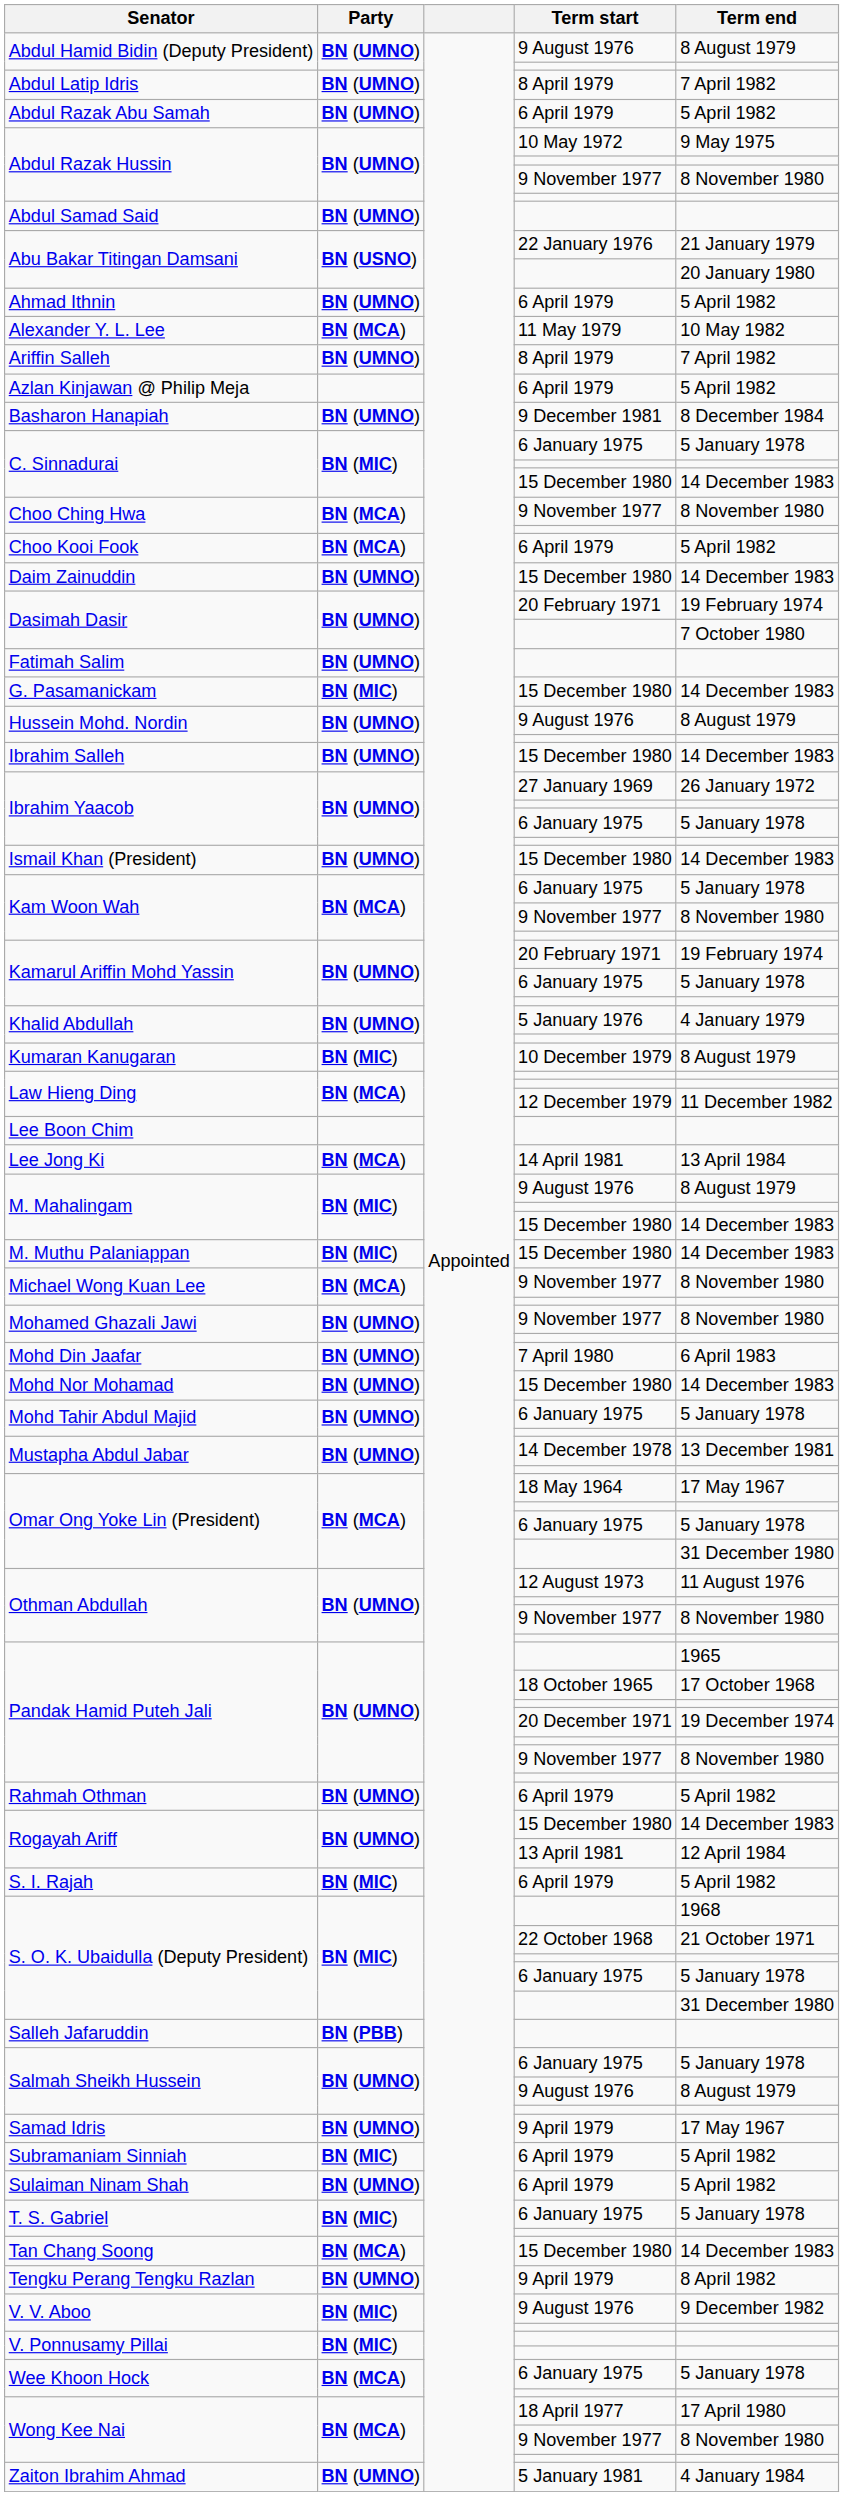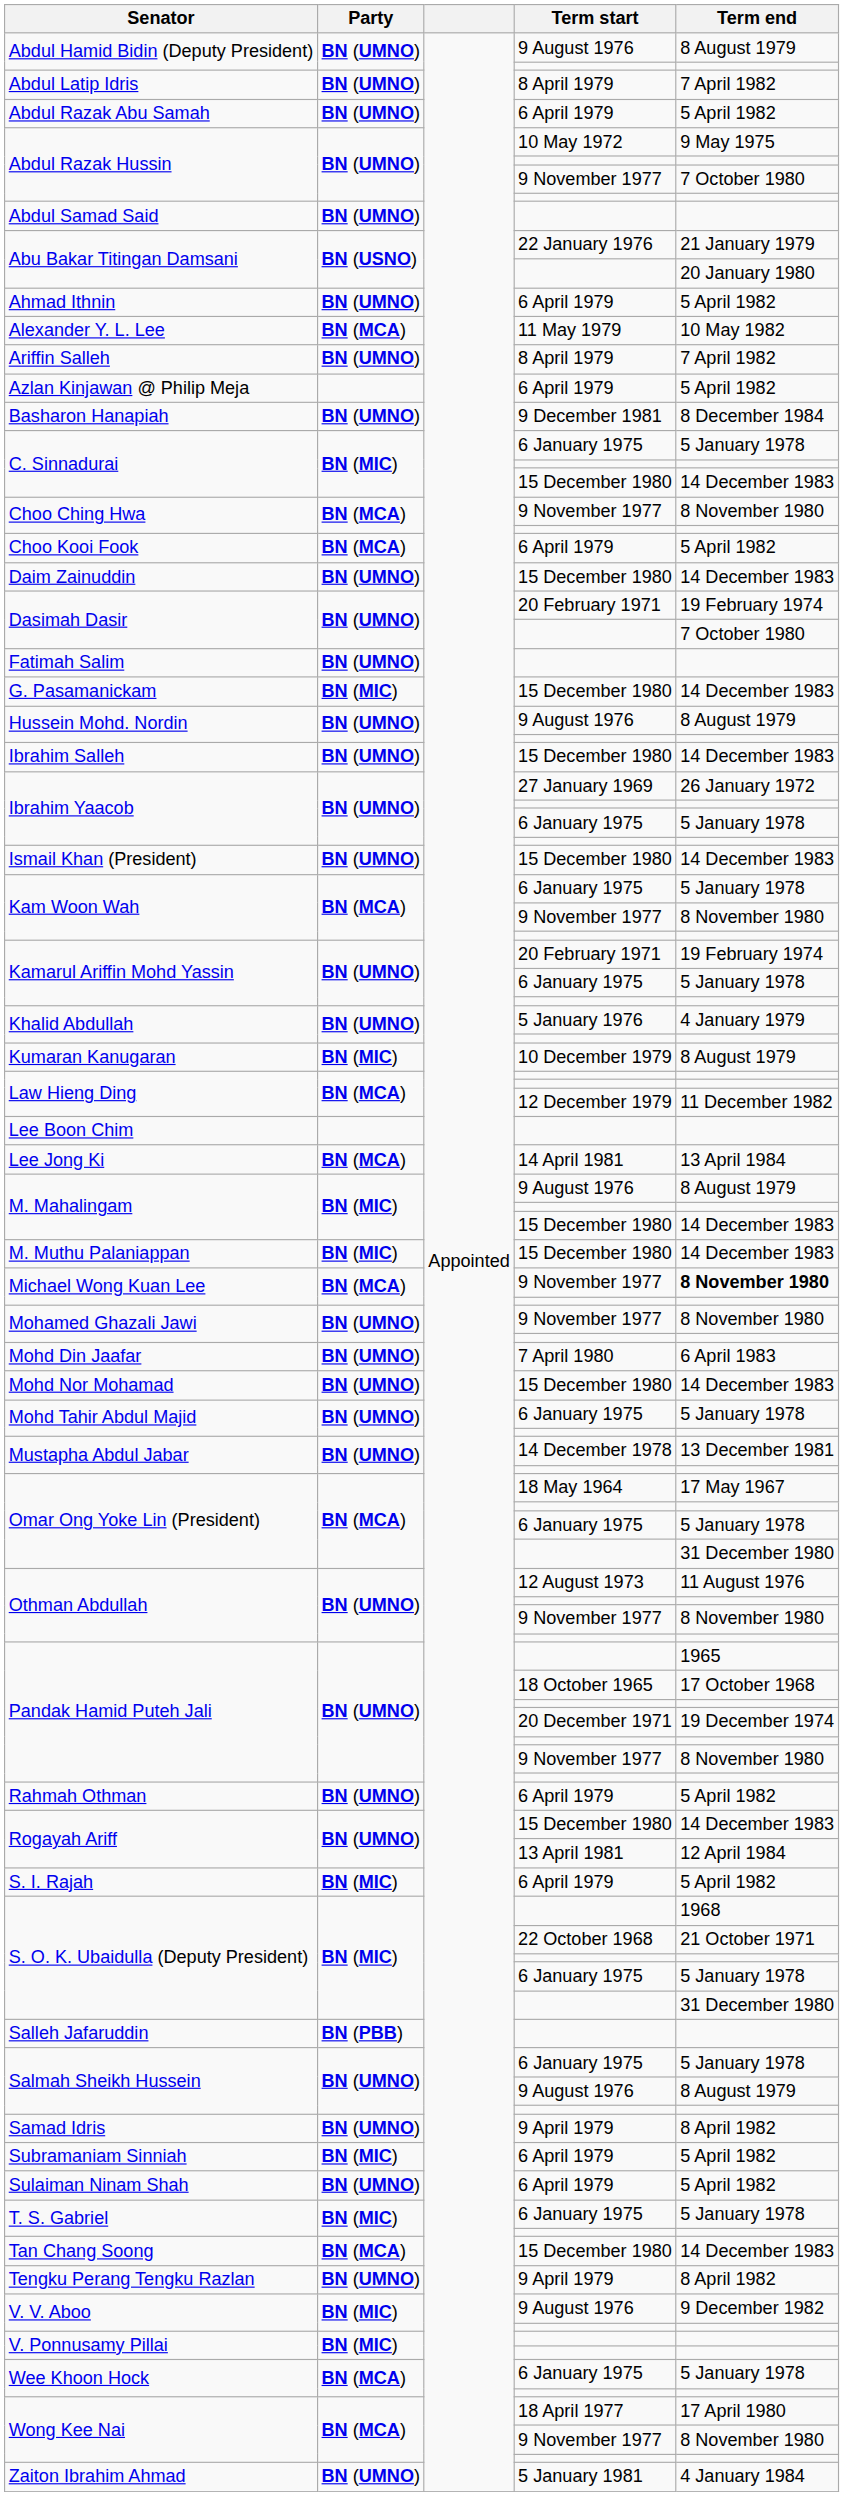 <table class="wikitable sortable">
 <tr>
 <th>Senator</th>
 <th>Party</th>
 <th></th>
 <th>Term start</th>
 <th>Term end</th>
 </tr>
 <tr>
 <td rowspan=2><a href='#'>Abdul Hamid Bidin</a> (Deputy President)</td>
 <td rowspan=2><strong><a href='#'>BN</a></strong> (<strong><a href='#'>UMNO</a></strong>)</td>
 <td rowspan=108>Appointed</td>
 <td>9 August 1976</td>
 <td>8 August 1979</td>
 </tr>
 <tr>
 <td></td>
 <td></td>
 </tr>
 <tr>
 <td><a href='#'>Abdul Latip Idris</a></td>
 <td><strong><a href='#'>BN</a></strong> (<strong><a href='#'>UMNO</a></strong>)</td>
 <td>8 April 1979</td>
 <td>7 April 1982</td>
 </tr>
 <tr>
 <td><a href='#'>Abdul Razak Abu Samah</a></td>
 <td><strong><a href='#'>BN</a></strong> (<strong><a href='#'>UMNO</a></strong>)</td>
 <td>6 April 1979</td>
 <td>5 April 1982</td>
 </tr>
 <tr>
 <td rowspan=4><a href='#'>Abdul Razak Hussin</a></td>
 <td rowspan=4><strong><a href='#'>BN</a></strong> (<strong><a href='#'>UMNO</a></strong>)</td>
 <td>10 May 1972</td>
 <td>9 May 1975</td>
 </tr>
 <tr>
 <td></td>
 <td></td>
 </tr>
 <tr>
 <td>9 November 1977</td>
-<td>8 November 1980</td>
+<td>7 October 1980</td>
 </tr>
 <tr>
 <td></td>
 <td></td>
 </tr>
 <tr>
 <td><a href='#'>Abdul Samad Said</a></td>
 <td><strong><a href='#'>BN</a></strong> (<strong><a href='#'>UMNO</a></strong>)</td>
 <td></td>
 <td></td>
 </tr>
 <tr>
 <td rowspan=2><a href='#'>Abu Bakar Titingan Damsani</a></td>
 <td rowspan=2><strong><a href='#'>BN</a></strong> (<strong><a href='#'>USNO</a></strong>)</td>
 <td>22 January 1976</td>
 <td>21 January 1979</td>
 </tr>
 <tr>
 <td></td>
 <td>20 January 1980</td>
 </tr>
 <tr>
 <td><a href='#'>Ahmad Ithnin</a></td>
 <td><strong><a href='#'>BN</a></strong> (<strong><a href='#'>UMNO</a></strong>)</td>
 <td>6 April 1979</td>
 <td>5 April 1982</td>
 </tr>
 <tr>
 <td><a href='#'>Alexander Y. L. Lee</a></td>
 <td><strong><a href='#'>BN</a></strong> (<strong><a href='#'>MCA</a></strong>)</td>
 <td>11 May 1979</td>
 <td>10 May 1982</td>
 </tr>
 <tr>
 <td><a href='#'>Ariffin Salleh</a></td>
 <td><strong><a href='#'>BN</a></strong> (<strong><a href='#'>UMNO</a></strong>)</td>
 <td>8 April 1979</td>
 <td>7 April 1982</td>
 </tr>
 <tr>
 <td><a href='#'>Azlan Kinjawan</a> @ Philip Meja</td>
 <td></td>
 <td>6 April 1979</td>
 <td>5 April 1982</td>
 </tr>
 <tr>
 <td><a href='#'>Basharon Hanapiah</a></td>
 <td><strong><a href='#'>BN</a></strong> (<strong><a href='#'>UMNO</a></strong>)</td>
 <td>9 December 1981</td>
 <td>8 December 1984</td>
 </tr>
 <tr>
 <td rowspan=3><a href='#'>C. Sinnadurai</a></td>
 <td rowspan=3><strong><a href='#'>BN</a></strong> (<strong><a href='#'>MIC</a></strong>)</td>
 <td>6 January 1975</td>
 <td>5 January 1978</td>
 </tr>
 <tr>
 <td></td>
 <td></td>
 </tr>
 <tr>
 <td>15 December 1980</td>
 <td>14 December 1983</td>
 </tr>
 <tr>
 <td rowspan=2><a href='#'>Choo Ching Hwa</a></td>
 <td rowspan=2><strong><a href='#'>BN</a></strong> (<strong><a href='#'>MCA</a></strong>)</td>
 <td>9 November 1977</td>
 <td>8 November 1980</td>
 </tr>
 <tr>
 <td></td>
 <td></td>
 </tr>
 <tr>
 <td><a href='#'>Choo Kooi Fook</a></td>
 <td><strong><a href='#'>BN</a></strong> (<strong><a href='#'>MCA</a></strong>)</td>
 <td>6 April 1979</td>
 <td>5 April 1982</td>
 </tr>
 <tr>
 <td><a href='#'>Daim Zainuddin</a></td>
 <td><strong><a href='#'>BN</a></strong> (<strong><a href='#'>UMNO</a></strong>)</td>
 <td>15 December 1980</td>
 <td>14 December 1983</td>
 </tr>
 <tr>
 <td rowspan=2><a href='#'>Dasimah Dasir</a></td>
 <td rowspan=2><strong><a href='#'>BN</a></strong> (<strong><a href='#'>UMNO</a></strong>)</td>
 <td>20 February 1971</td>
 <td>19 February 1974</td>
 </tr>
 <tr>
 <td></td>
 <td>7 October 1980</td>
 </tr>
 <tr>
 <td><a href='#'>Fatimah Salim</a></td>
 <td><strong><a href='#'>BN</a></strong> (<strong><a href='#'>UMNO</a></strong>)</td>
 <td></td>
 <td></td>
 </tr>
 <tr>
 <td><a href='#'>G. Pasamanickam</a></td>
 <td><strong><a href='#'>BN</a></strong> (<strong><a href='#'>MIC</a></strong>)</td>
 <td>15 December 1980</td>
 <td>14 December 1983</td>
 </tr>
 <tr>
 <td rowspan=2><a href='#'>Hussein Mohd. Nordin</a></td>
 <td rowspan=2><strong><a href='#'>BN</a></strong> (<strong><a href='#'>UMNO</a></strong>)</td>
 <td>9 August 1976</td>
 <td>8 August 1979</td>
 </tr>
 <tr>
 <td></td>
 <td></td>
 </tr>
 <tr>
 <td><a href='#'>Ibrahim Salleh</a></td>
 <td><strong><a href='#'>BN</a></strong> (<strong><a href='#'>UMNO</a></strong>)</td>
 <td>15 December 1980</td>
 <td>14 December 1983</td>
 </tr>
 <tr>
 <td rowspan=4><a href='#'>Ibrahim Yaacob</a></td>
 <td rowspan=4><strong><a href='#'>BN</a></strong> (<strong><a href='#'>UMNO</a></strong>)</td>
 <td>27 January 1969</td>
 <td>26 January 1972</td>
 </tr>
 <tr>
 <td></td>
 <td></td>
 </tr>
 <tr>
 <td>6 January 1975</td>
 <td>5 January 1978</td>
 </tr>
 <tr>
 <td></td>
 <td></td>
 </tr>
 <tr>
 <td><a href='#'>Ismail Khan</a> (President)</td>
 <td><strong><a href='#'>BN</a></strong> (<strong><a href='#'>UMNO</a></strong>)</td>
 <td>15 December 1980</td>
 <td>14 December 1983</td>
 </tr>
 <tr>
 <td rowspan=3><a href='#'>Kam Woon Wah</a></td>
 <td rowspan=3><strong><a href='#'>BN</a></strong> (<strong><a href='#'>MCA</a></strong>)</td>
 <td>6 January 1975</td>
 <td>5 January 1978</td>
 </tr>
 <tr>
 <td>9 November 1977</td>
 <td>8 November 1980</td>
 </tr>
 <tr>
 <td></td>
 <td></td>
 </tr>
 <tr>
 <td rowspan=3><a href='#'>Kamarul Ariffin Mohd Yassin</a></td>
 <td rowspan=3><strong><a href='#'>BN</a></strong> (<strong><a href='#'>UMNO</a></strong>)</td>
 <td>20 February 1971</td>
 <td>19 February 1974</td>
 </tr>
 <tr>
 <td>6 January 1975</td>
 <td>5 January 1978</td>
 </tr>
 <tr>
 <td></td>
 <td></td>
 </tr>
 <tr>
 <td rowspan=2><a href='#'>Khalid Abdullah</a></td>
 <td rowspan=2><strong><a href='#'>BN</a></strong> (<strong><a href='#'>UMNO</a></strong>)</td>
 <td>5 January 1976</td>
 <td>4 January 1979</td>
 </tr>
 <tr>
 <td></td>
 <td></td>
 </tr>
 <tr>
 <td><a href='#'>Kumaran Kanugaran</a></td>
 <td><strong><a href='#'>BN</a></strong> (<strong><a href='#'>MIC</a></strong>)</td>
 <td>10 December 1979</td>
 <td>8 August 1979</td>
 </tr>
 <tr>
 <td rowspan=3><a href='#'>Law Hieng Ding</a></td>
 <td rowspan=3><strong><a href='#'>BN</a></strong> (<strong><a href='#'>MCA</a></strong>)</td>
 <td></td>
 <td></td>
 </tr>
 <tr>
 <td></td>
 <td></td>
 </tr>
 <tr>
 <td>12 December 1979</td>
 <td>11 December 1982</td>
 </tr>
 <tr>
 <td><a href='#'>Lee Boon Chim</a></td>
 <td></td>
 <td></td>
 <td></td>
 </tr>
 <tr>
 <td><a href='#'>Lee Jong Ki</a></td>
 <td><strong><a href='#'>BN</a></strong> (<strong><a href='#'>MCA</a></strong>)</td>
 <td>14 April 1981</td>
 <td>13 April 1984</td>
 </tr>
 <tr>
 <td rowspan=3><a href='#'>M. Mahalingam</a></td>
 <td rowspan=3><strong><a href='#'>BN</a></strong> (<strong><a href='#'>MIC</a></strong>)</td>
 <td>9 August 1976</td>
 <td>8 August 1979</td>
 </tr>
 <tr>
 <td></td>
 <td></td>
 </tr>
 <tr>
 <td>15 December 1980</td>
 <td>14 December 1983</td>
 </tr>
 <tr>
 <td><a href='#'>M. Muthu Palaniappan</a></td>
 <td><strong><a href='#'>BN</a></strong> (<strong><a href='#'>MIC</a></strong>)</td>
 <td>15 December 1980</td>
 <td>14 December 1983</td>
 </tr>
 <tr>
 <td rowspan=2><a href='#'>Michael Wong Kuan Lee</a></td>
 <td rowspan=2><strong><a href='#'>BN</a></strong> (<strong><a href='#'>MCA</a></strong>)</td>
 <td>9 November 1977</td>
-<td>8 November 1980</td>
+<td><strong>8 November 1980</strong></td>
 </tr>
 <tr>
 <td></td>
 <td></td>
 </tr>
 <tr>
 <td rowspan=2><a href='#'>Mohamed Ghazali Jawi</a></td>
 <td rowspan=2><strong><a href='#'>BN</a></strong> (<strong><a href='#'>UMNO</a></strong>)</td>
 <td>9 November 1977</td>
 <td>8 November 1980</td>
 </tr>
 <tr>
 <td></td>
 <td></td>
 </tr>
 <tr>
 <td><a href='#'>Mohd Din Jaafar</a></td>
 <td><strong><a href='#'>BN</a></strong> (<strong><a href='#'>UMNO</a></strong>)</td>
 <td>7 April 1980</td>
 <td>6 April 1983</td>
 </tr>
 <tr>
 <td><a href='#'>Mohd Nor Mohamad</a></td>
 <td><strong><a href='#'>BN</a></strong> (<strong><a href='#'>UMNO</a></strong>)</td>
 <td>15 December 1980</td>
 <td>14 December 1983</td>
 </tr>
 <tr>
 <td rowspan=2><a href='#'>Mohd Tahir Abdul Majid</a></td>
 <td rowspan=2><strong><a href='#'>BN</a></strong> (<strong><a href='#'>UMNO</a></strong>)</td>
 <td>6 January 1975</td>
 <td>5 January 1978</td>
 </tr>
 <tr>
 <td></td>
 <td></td>
 </tr>
 <tr>
 <td rowspan=2><a href='#'>Mustapha Abdul Jabar</a></td>
 <td rowspan=2><strong><a href='#'>BN</a></strong> (<strong><a href='#'>UMNO</a></strong>)</td>
 <td>14 December 1978</td>
 <td>13 December 1981</td>
 </tr>
 <tr>
 <td></td>
 <td></td>
 </tr>
 <tr>
 <td rowspan=4><a href='#'>Omar Ong Yoke Lin</a> (President)</td>
 <td rowspan=4><strong><a href='#'>BN</a></strong> (<strong><a href='#'>MCA</a></strong>)</td>
 <td>18 May 1964</td>
 <td>17 May 1967</td>
 </tr>
 <tr>
 <td></td>
 <td></td>
 </tr>
 <tr>
 <td>6 January 1975</td>
 <td>5 January 1978</td>
 </tr>
 <tr>
 <td></td>
 <td>31 December 1980</td>
 </tr>
 <tr>
 <td rowspan=4><a href='#'>Othman Abdullah</a></td>
 <td rowspan=4><strong><a href='#'>BN</a></strong> (<strong><a href='#'>UMNO</a></strong>)</td>
 <td>12 August 1973</td>
 <td>11 August 1976</td>
 </tr>
 <tr>
 <td></td>
 <td></td>
 </tr>
 <tr>
 <td>9 November 1977</td>
 <td>8 November 1980</td>
 </tr>
 <tr>
 <td></td>
 <td></td>
 </tr>
 <tr>
 <td rowspan=7><a href='#'>Pandak Hamid Puteh Jali</a></td>
 <td rowspan=7><strong><a href='#'>BN</a></strong> (<strong><a href='#'>UMNO</a></strong>)</td>
 <td></td>
 <td>1965</td>
 </tr>
 <tr>
 <td>18 October 1965</td>
 <td>17 October 1968</td>
 </tr>
 <tr>
 <td></td>
 <td></td>
 </tr>
 <tr>
 <td>20 December 1971</td>
 <td>19 December 1974</td>
 </tr>
 <tr>
 <td></td>
 <td></td>
 </tr>
 <tr>
 <td>9 November 1977</td>
 <td>8 November 1980</td>
 </tr>
 <tr>
 <td></td>
 <td></td>
 </tr>
 <tr>
 <td><a href='#'>Rahmah Othman</a></td>
 <td><strong><a href='#'>BN</a></strong> (<strong><a href='#'>UMNO</a></strong>)</td>
 <td>6 April 1979</td>
 <td>5 April 1982</td>
 </tr>
 <tr>
 <td rowspan=2><a href='#'>Rogayah Ariff</a></td>
 <td rowspan=2><strong><a href='#'>BN</a></strong> (<strong><a href='#'>UMNO</a></strong>)</td>
 <td>15 December 1980</td>
 <td>14 December 1983</td>
 </tr>
 <tr>
 <td>13 April 1981</td>
 <td>12 April 1984</td>
 </tr>
 <tr>
 <td><a href='#'>S. I. Rajah</a></td>
 <td><strong><a href='#'>BN</a></strong> (<strong><a href='#'>MIC</a></strong>)</td>
 <td>6 April 1979</td>
 <td>5 April 1982</td>
 </tr>
 <tr>
 <td rowspan=5><a href='#'>S. O. K. Ubaidulla</a> (Deputy President)</td>
 <td rowspan=5><strong><a href='#'>BN</a></strong> (<strong><a href='#'>MIC</a></strong>)</td>
 <td></td>
 <td>1968</td>
 </tr>
 <tr>
 <td>22 October 1968</td>
 <td>21 October 1971</td>
 </tr>
 <tr>
 <td></td>
 <td></td>
 </tr>
 <tr>
 <td>6 January 1975</td>
 <td>5 January 1978</td>
 </tr>
 <tr>
 <td></td>
 <td>31 December 1980</td>
 </tr>
 <tr>
 <td><a href='#'>Salleh Jafaruddin</a></td>
 <td><strong><a href='#'>BN</a></strong> (<strong><a href='#'>PBB</a></strong>)</td>
 <td></td>
 <td></td>
 </tr>
 <tr>
 <td rowspan=3><a href='#'>Salmah Sheikh Hussein</a></td>
 <td rowspan=3><strong><a href='#'>BN</a></strong> (<strong><a href='#'>UMNO</a></strong>)</td>
 <td>6 January 1975</td>
 <td>5 January 1978</td>
 </tr>
 <tr>
 <td>9 August 1976</td>
 <td>8 August 1979</td>
 </tr>
 <tr>
 <td></td>
 <td></td>
 </tr>
 <tr>
 <td><a href='#'>Samad Idris</a></td>
 <td><strong><a href='#'>BN</a></strong> (<strong><a href='#'>UMNO</a></strong>)</td>
 <td>9 April 1979</td>
-<td>17 May 1967</td>
+<td>8 April 1982</td>
 </tr>
 <tr>
 <td><a href='#'>Subramaniam Sinniah</a></td>
 <td><strong><a href='#'>BN</a></strong> (<strong><a href='#'>MIC</a></strong>)</td>
 <td>6 April 1979</td>
 <td>5 April 1982</td>
 </tr>
 <tr>
 <td><a href='#'>Sulaiman Ninam Shah</a></td>
 <td><strong><a href='#'>BN</a></strong> (<strong><a href='#'>UMNO</a></strong>)</td>
 <td>6 April 1979</td>
 <td>5 April 1982</td>
 </tr>
 <tr>
 <td rowspan=2><a href='#'>T. S. Gabriel</a></td>
 <td rowspan=2><strong><a href='#'>BN</a></strong> (<strong><a href='#'>MIC</a></strong>)</td>
 <td>6 January 1975</td>
 <td>5 January 1978</td>
 </tr>
 <tr>
 <td></td>
 <td></td>
 </tr>
 <tr>
 <td><a href='#'>Tan Chang Soong</a></td>
 <td><strong><a href='#'>BN</a></strong> (<strong><a href='#'>MCA</a></strong>)</td>
 <td>15 December 1980</td>
 <td>14 December 1983</td>
 </tr>
 <tr>
 <td><a href='#'>Tengku Perang Tengku Razlan</a></td>
 <td><strong><a href='#'>BN</a></strong> (<strong><a href='#'>UMNO</a></strong>)</td>
 <td>9 April 1979</td>
 <td>8 April 1982</td>
 </tr>
 <tr>
 <td rowspan=2><a href='#'>V. V. Aboo</a></td>
 <td rowspan=2><strong><a href='#'>BN</a></strong> (<strong><a href='#'>MIC</a></strong>)</td>
 <td>9 August 1976</td>
 <td>9 December 1982</td>
 </tr>
 <tr>
 <td></td>
 <td></td>
 </tr>
 <tr>
 <td rowspan=2><a href='#'>V. Ponnusamy Pillai</a></td>
 <td rowspan=2><strong><a href='#'>BN</a></strong> (<strong><a href='#'>MIC</a></strong>)</td>
 <td></td>
 <td></td>
 </tr>
 <tr>
 <td></td>
 <td></td>
 </tr>
 <tr>
 <td rowspan=2><a href='#'>Wee Khoon Hock</a></td>
 <td rowspan=2><strong><a href='#'>BN</a></strong> (<strong><a href='#'>MCA</a></strong>)</td>
 <td>6 January 1975</td>
 <td>5 January 1978</td>
 </tr>
 <tr>
 <td></td>
 <td></td>
 </tr>
 <tr>
 <td rowspan=3><a href='#'>Wong Kee Nai</a></td>
 <td rowspan=3><strong><a href='#'>BN</a></strong> (<strong><a href='#'>MCA</a></strong>)</td>
 <td>18 April 1977</td>
 <td>17 April 1980</td>
 </tr>
 <tr>
 <td>9 November 1977</td>
 <td>8 November 1980</td>
 </tr>
 <tr>
 <td></td>
 <td></td>
 </tr>
 <tr>
 <td><a href='#'>Zaiton Ibrahim Ahmad</a></td>
 <td><strong><a href='#'>BN</a></strong> (<strong><a href='#'>UMNO</a></strong>)</td>
 <td>5 January 1981</td>
 <td>4 January 1984</td>
 </tr>
 </table>
